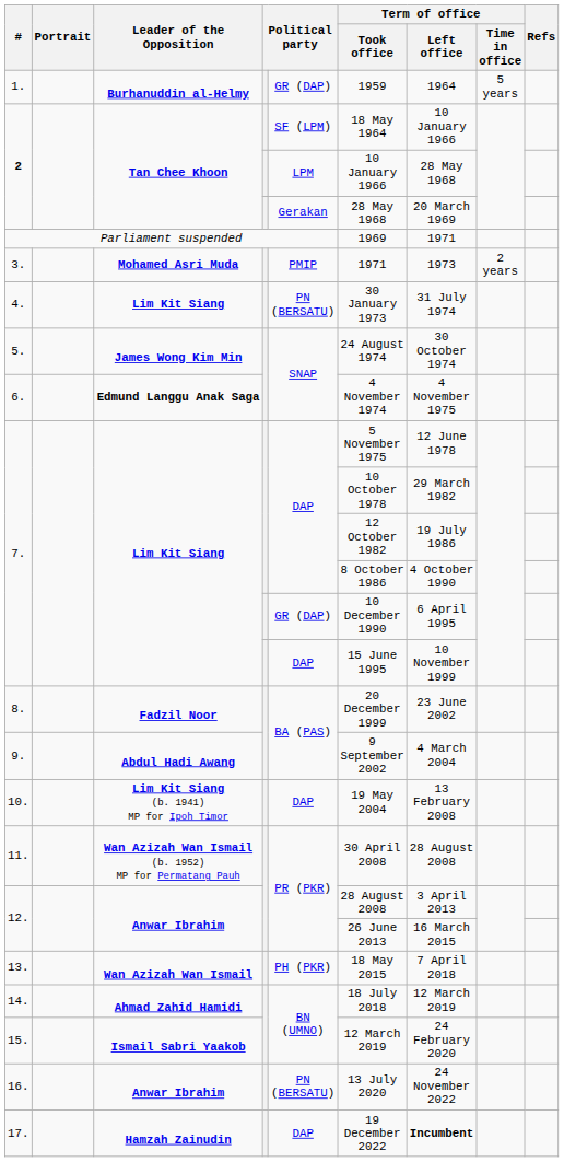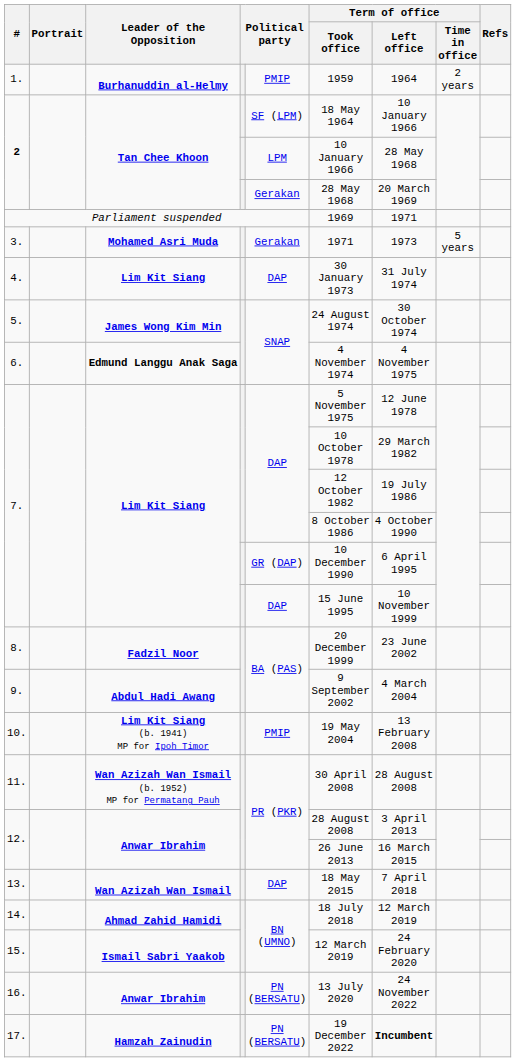 <table class="wikitable" style="text-align:center">
 <tr>
 <th rowspan="2">#</th>
 <th rowspan="2">Portrait</th>
 <th rowspan="2" width="215">Leader of the Opposition</th>
 <th colspan="2" rowspan="2">Political party</th>
 <th colspan="3">Term of office</th>
 <th rowspan="2">Refs</th>
 </tr>
 <tr>
 <th>Took office</th>
 <th>Left office</th>
 <th>Time in office</th>
 </tr>
 <tr>
 <td>1.</td>
 <td></td>
 <td> <br> <strong><a href='#'>Burhanuddin al-Helmy</a></strong><br></td>
 <th style="background:"></th>
-<td><a href='#'>GR</a> (<a href='#'>DAP</a>)</td>
+<td><a href='#'>PMIP</a></td>
 <td>1959</td>
 <td>1964</td>
-<td>5 years</td>
+<td>2 years</td>
 </tr>
 <tr>
 <td rowspan="3"><strong>2</strong></td>
 <td rowspan="3"></td>
 <td rowspan="3"> <br> <strong><a href='#'>Tan Chee Khoon</a></strong> <br> </td>
 <th style="background:"></th>
 <td><a href='#'>SF</a> (<a href='#'>LPM</a>)</td>
 <td>18 May 1964</td>
 <td>10 January 1966</td>
 <td rowspan=3></td>
 <td></td>
 </tr>
 <tr>
 <th style="background:"></th>
 <td><a href='#'>LPM</a></td>
 <td>10 January 1966</td>
 <td>28 May 1968</td>
 <td></td>
 </tr>
 <tr>
 <th style="background:"></th>
 <td><a href='#'>Gerakan</a></td>
 <td>28 May 1968</td>
 <td>20 March 1969</td>
 <td></td>
 </tr>
 <tr>
 <td colspan="5"><em>Parliament suspended</em></td>
 <td>1969</td>
 <td>1971</td>
 <td></td>
 <td></td>
 </tr>
 <tr>
 <td>3.</td>
 <td></td>
 <td><strong><a href='#'>Mohamed Asri Muda</a></strong><br></td>
 <th style="background:"></th>
-<td><a href='#'>PMIP</a></td>
+<td><a href='#'>Gerakan</a></td>
 <td>1971</td>
 <td>1973</td>
-<td>2 years</td>
+<td>5 years</td>
 </tr>
 <tr>
 <td>4.</td>
 <td></td>
 <td><strong><a href='#'>Lim Kit Siang</a></strong><br></td>
 <th style="background:"></th>
-<td><a href='#'>PN</a> (<a href='#'>BERSATU</a>)</td>
+<td><a href='#'>DAP</a></td>
 <td>30 January 1973</td>
 <td>31 July 1974</td>
 <td></td>
 <td></td>
 </tr>
 <tr>
 <td>5.</td>
 <td></td>
 <td> <br> <strong><a href='#'>James Wong Kim Min</a></strong><br></td>
 <th rowspan=2 style="background:"></th>
 <td rowspan="2"><a href='#'>SNAP</a></td>
 <td>24 August 1974</td>
 <td>30 October 1974</td>
 <td></td>
 </tr>
 <tr>
 <td>6.</td>
 <td></td>
 <td><strong>Edmund Langgu Anak Saga</strong><br></td>
 <td>4 November 1974</td>
 <td>4 November 1975</td>
 <td></td>
 <td></td>
 </tr>
 <tr>
 <td rowspan="6">7.</td>
 <td rowspan="6"></td>
 <td rowspan="6"><strong><a href='#'>Lim Kit Siang</a></strong><br></td>
 <th rowspan=4 style="background:"></th>
 <td rowspan=4><a href='#'>DAP</a></td>
 <td>5 November 1975</td>
 <td>12 June 1978</td>
 <td rowspan=6></td>
 <td></td>
 </tr>
 <tr>
 <td>10 October 1978</td>
 <td>29 March 1982</td>
 <td></td>
 </tr>
 <tr>
 <td>12 October 1982</td>
 <td>19 July 1986</td>
 <td></td>
 </tr>
 <tr>
 <td>8 October 1986</td>
 <td>4 October 1990</td>
 <td></td>
 </tr>
 <tr>
 <th style="background:"></th>
 <td><a href='#'>GR</a> (<a href='#'>DAP</a>)</td>
 <td>10 December 1990</td>
 <td>6 April 1995</td>
 <td></td>
 </tr>
 <tr>
 <th style="background:"></th>
 <td><a href='#'>DAP</a></td>
 <td>15 June 1995</td>
 <td>10 November 1999</td>
 <td></td>
 </tr>
 <tr>
 <td>8.</td>
 <td></td>
 <td><br><strong><a href='#'>Fadzil Noor</a></strong><br></td>
 <th rowspan=2 style="background:"></th>
 <td rowspan=2><a href='#'>BA</a> (<a href='#'>PAS</a>)</td>
 <td>20 December 1999</td>
 <td>23 June 2002</td>
 <td></td>
 <td></td>
 </tr>
 <tr>
 <td>9.</td>
 <td></td>
 <td><br><strong><a href='#'>Abdul Hadi Awang</a></strong><br></td>
 <td>9 September 2002</td>
 <td>4 March 2004</td>
 <td></td>
 <td></td>
 </tr>
 <tr>
 <td>10.</td>
 <td></td>
 <td><strong><a href='#'>Lim Kit Siang</a></strong><br><small>(b. 1941)<br>MP for <a href='#'>Ipoh Timor</a></small></td>
 <th style="background:"></th>
-<td><a href='#'>DAP</a></td>
+<td><a href='#'>PMIP</a></td>
 <td>19 May 2004</td>
 <td>13 February 2008</td>
 <td></td>
 <td></td>
 </tr>
 <tr>
 <td>11.</td>
 <td></td>
 <td><br><strong><a href='#'>Wan Azizah Wan Ismail</a></strong><br><small>(b. 1952)<br>MP for <a href='#'>Permatang Pauh</a></small></td>
 <th rowspan=3 style="background:"></th>
 <td rowspan=3><a href='#'>PR</a> (<a href='#'>PKR</a>)</td>
 <td>30 April 2008</td>
 <td>28 August 2008</td>
 <td></td>
 <td></td>
 </tr>
 <tr>
 <td rowspan="2">12.</td>
 <td rowspan="2"></td>
 <td rowspan="2"><br><strong><a href='#'>Anwar Ibrahim</a></strong><br></td>
 <td>28 August 2008</td>
 <td>3 April 2013</td>
 <td rowspan=2></td>
 <td></td>
 </tr>
 <tr>
 <td>26 June 2013</td>
 <td>16 March 2015</td>
 <td></td>
 </tr>
 <tr>
 <td>13.</td>
 <td></td>
 <td><br><strong><a href='#'>Wan Azizah Wan Ismail</a></strong><br></td>
 <th style="background:"></th>
-<td><a href='#'>PH</a> (<a href='#'>PKR</a>)</td>
+<td><a href='#'>DAP</a></td>
 <td>18 May 2015</td>
 <td>7 April 2018</td>
 <td></td>
 <td></td>
 </tr>
 <tr>
 <td>14.</td>
 <td></td>
 <td><br><strong><a href='#'>Ahmad Zahid Hamidi</a></strong><br></td>
 <th rowspan=2 style="background:"></th>
 <td rowspan=2><a href='#'>BN</a> (<a href='#'>UMNO</a>)</td>
 <td>18 July 2018</td>
 <td>12 March 2019</td>
 <td></td>
 <td></td>
 </tr>
 <tr>
 <td>15.</td>
 <td></td>
 <td><br><strong><a href='#'>Ismail Sabri Yaakob</a></strong><br></td>
 <td>12 March 2019</td>
 <td>24 February 2020</td>
 <td></td>
 <td></td>
 </tr>
 <tr>
 <td>16.</td>
 <td></td>
 <td><br><strong><a href='#'>Anwar Ibrahim</a></strong><br></td>
 <th style="background:"></th>
 <td><a href='#'>PN</a> (<a href='#'>BERSATU</a>)</td>
 <td>13 July 2020</td>
 <td>24 November 2022</td>
 <td></td>
 <td></td>
 </tr>
 <tr>
 <td>17.</td>
 <td></td>
 <td><br><strong><a href='#'>Hamzah Zainudin</a></strong><br></td>
 <th style="background:"></th>
-<td><a href='#'>DAP</a></td>
+<td><a href='#'>PN</a> (<a href='#'>BERSATU</a>)</td>
 <td>19 December 2022</td>
 <td><strong>Incumbent</strong></td>
 <td></td>
 <td></td>
 </tr>
 </table>
